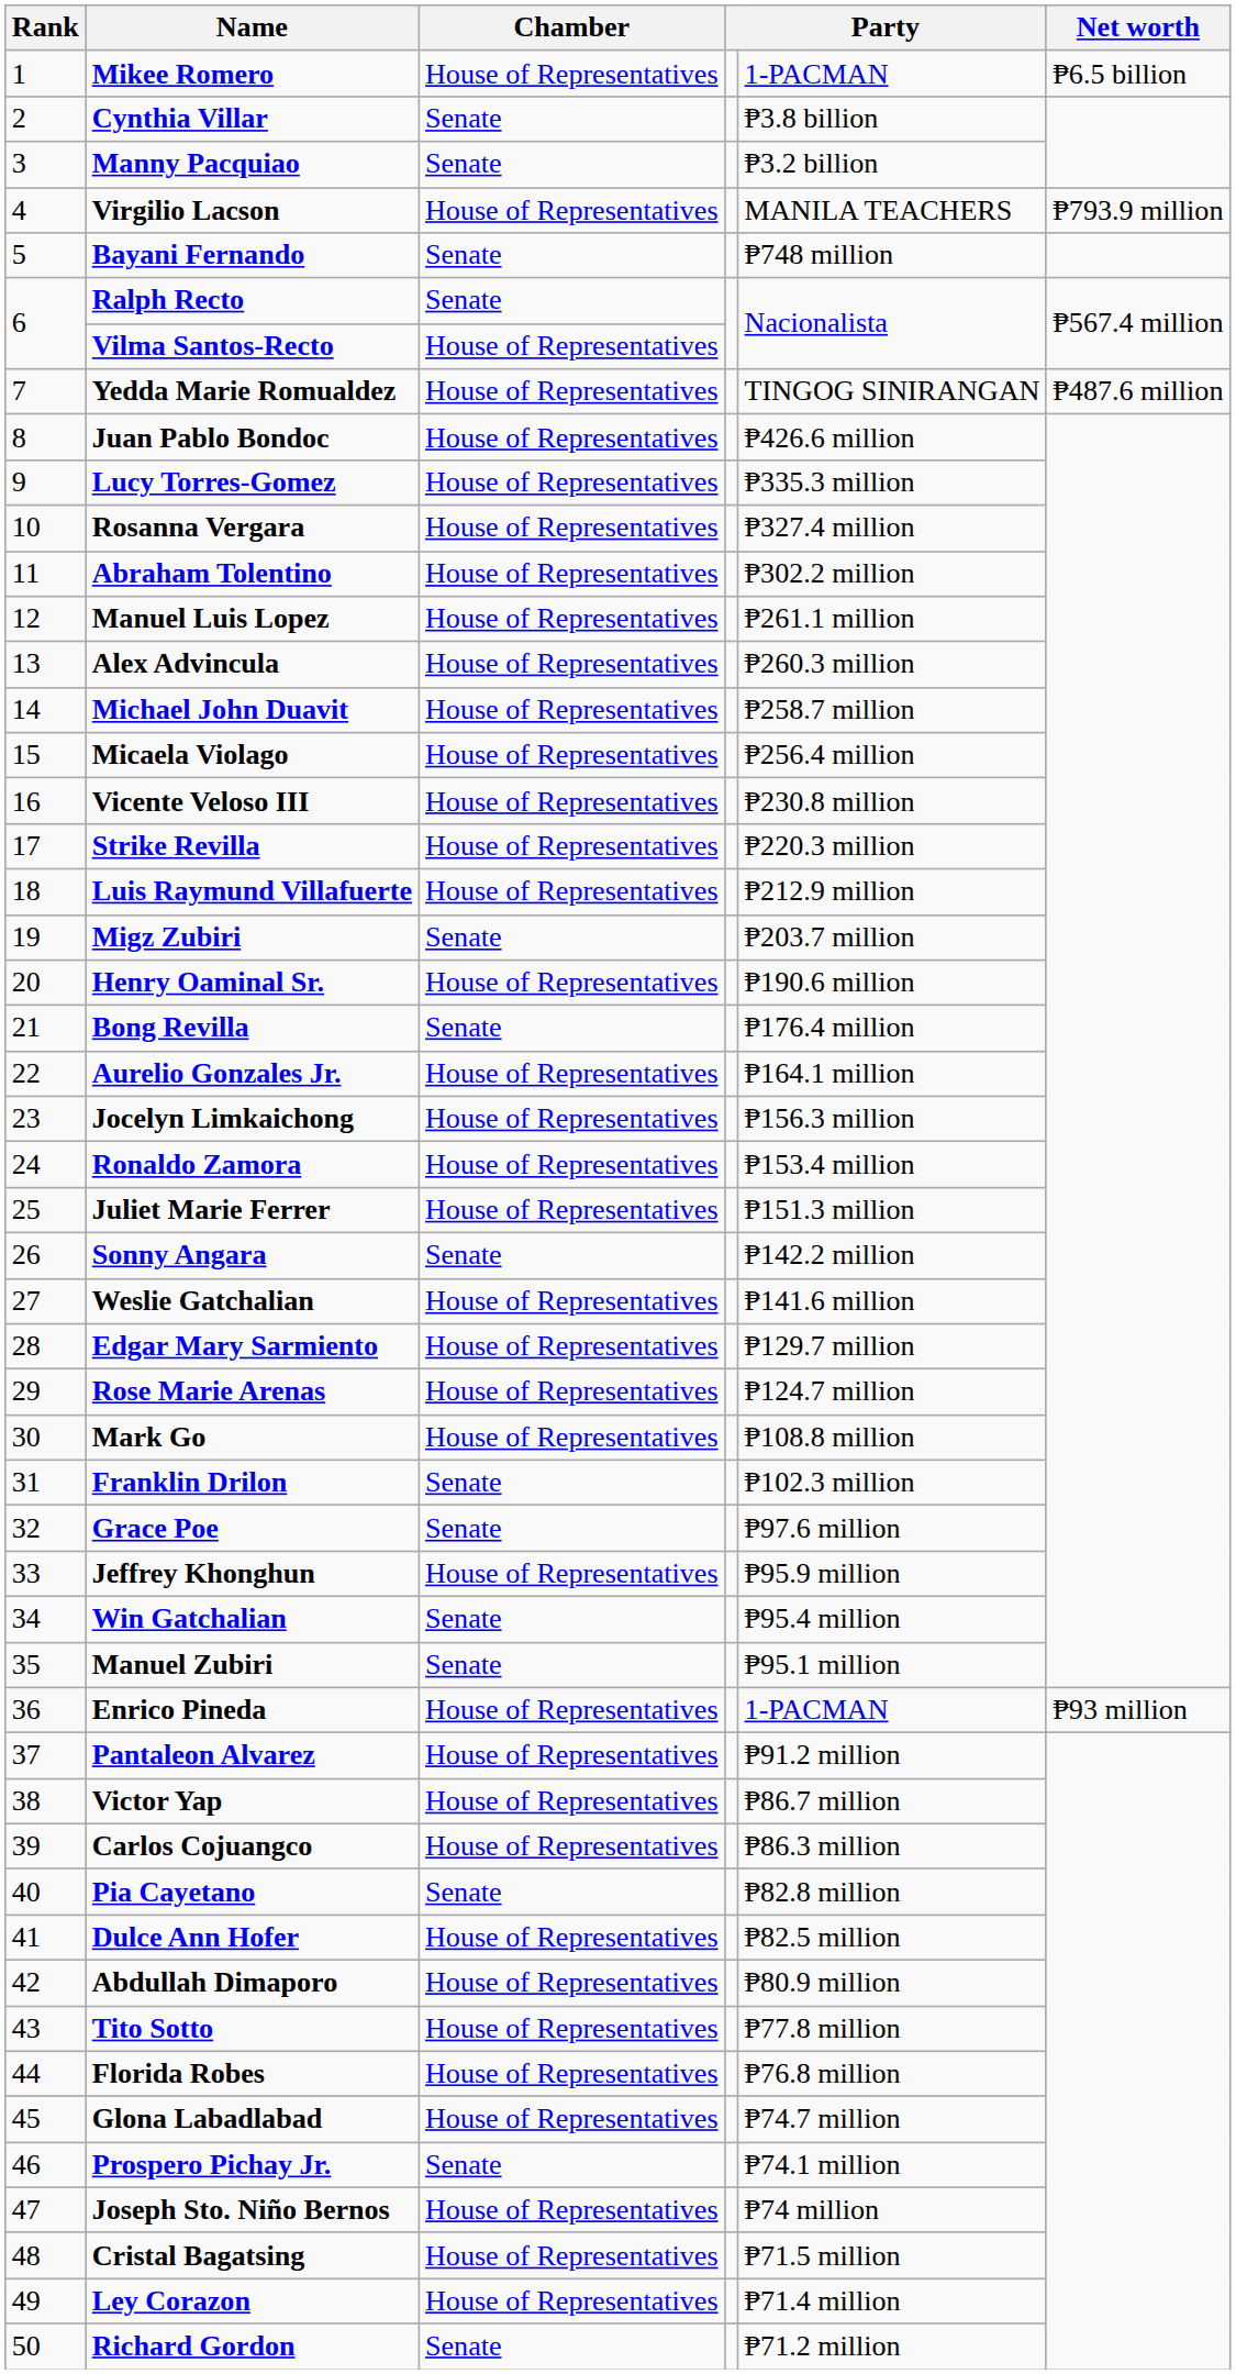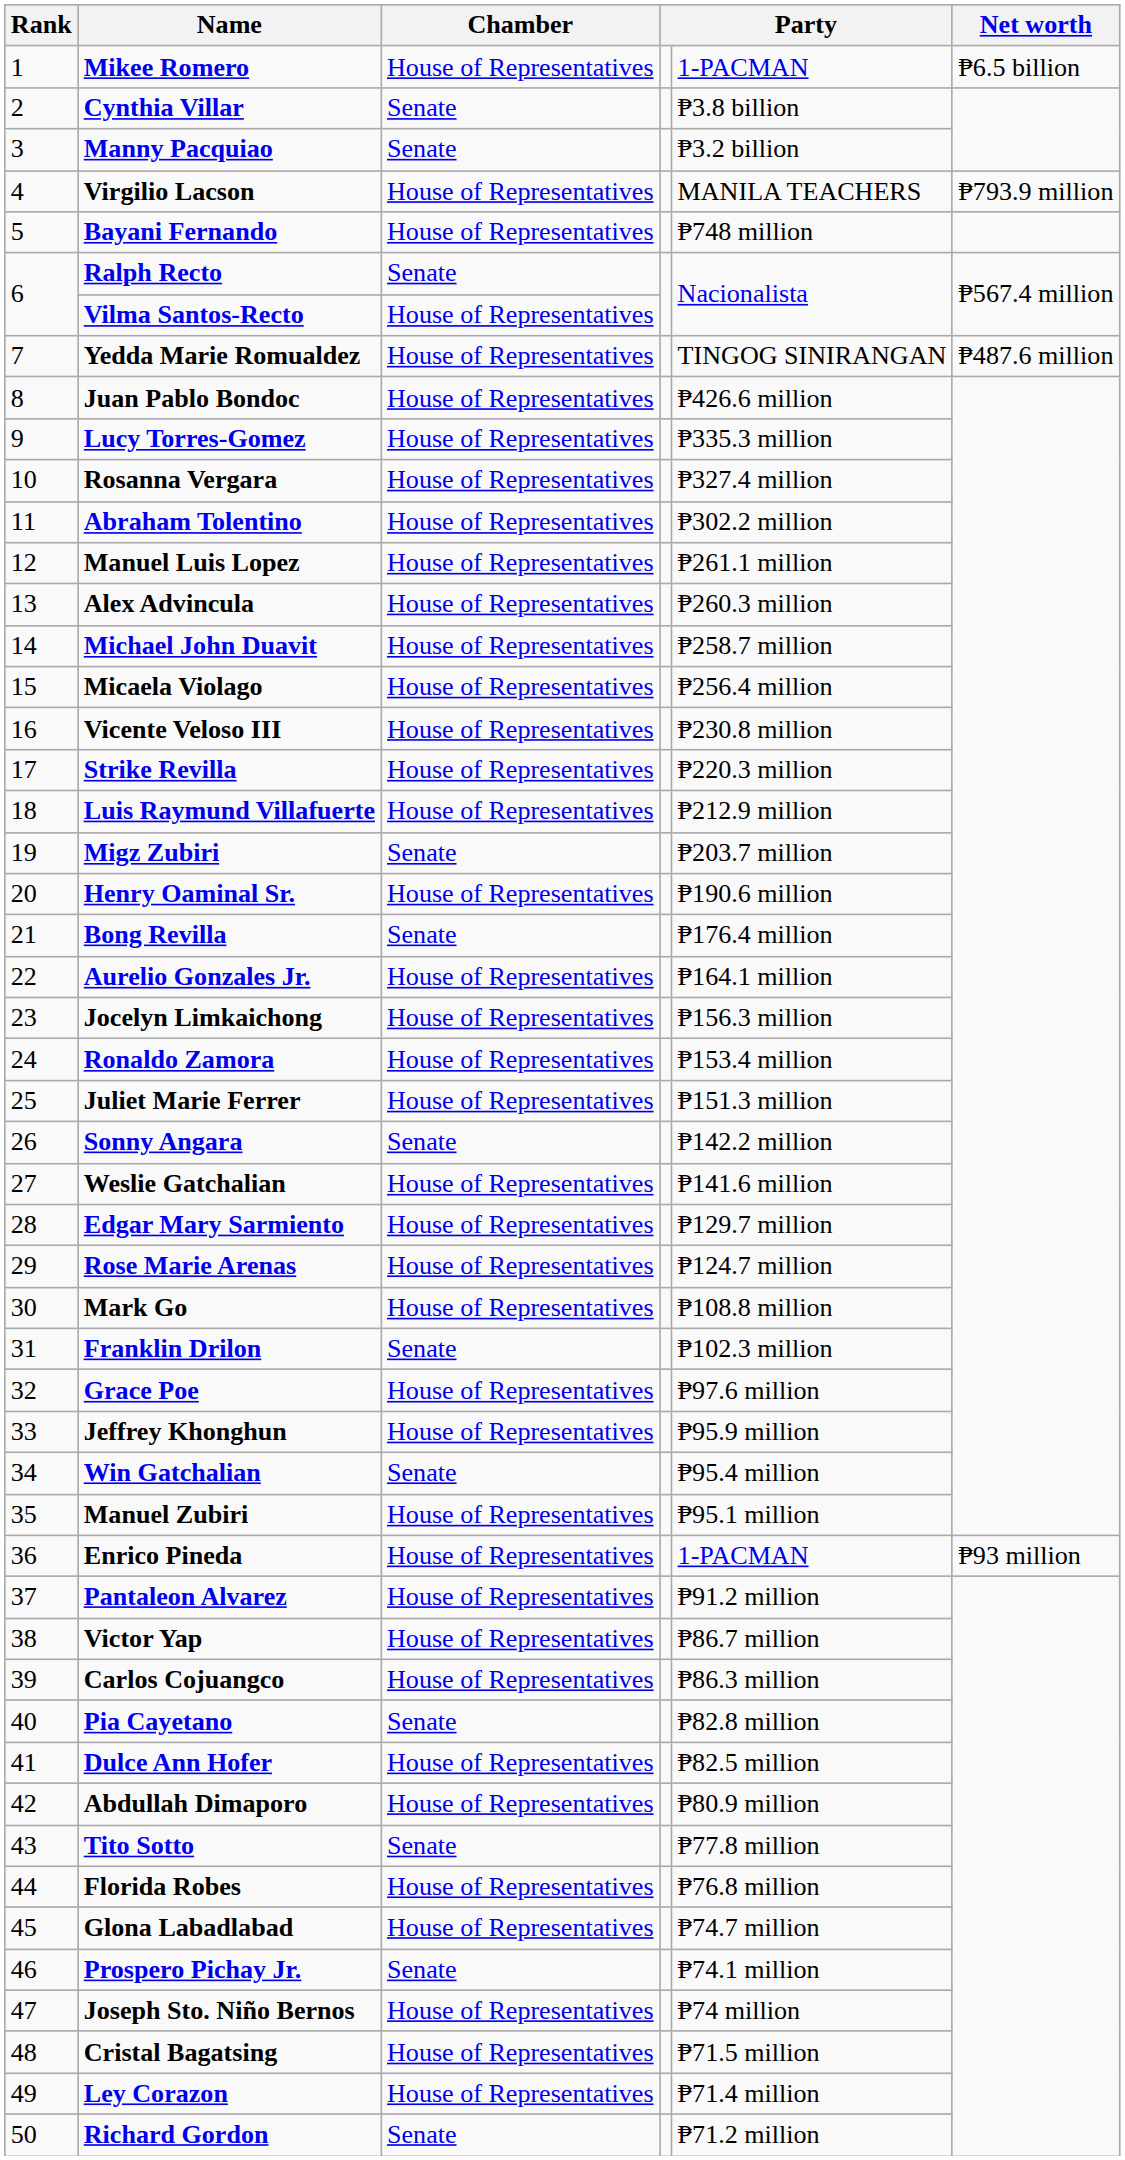 <table class="wikitable sortable">
 <tr>
 <th>Rank</th>
 <th>Name<br></th>
 <th>Chamber</th>
 <th colspan="2">Party</th>
 <th data-sort-type="currency"><a href='#'>Net worth</a></th>
 </tr>
 <tr>
 <td>1</td>
 <td><strong><a href='#'>Mikee Romero</a></strong></td>
 <td><a href='#'>House of Representatives</a></td>
 <td></td>
 <td><a href='#'>1-PACMAN</a></td>
 <td>₱6.5 billion </td>
 </tr>
 <tr>
 <td>2</td>
 <td><strong><a href='#'>Cynthia Villar</a></strong></td>
 <td><a href='#'>Senate</a></td>
 <td></td>
 <td>₱3.8 billion </td>
 </tr>
 <tr>
 <td>3</td>
 <td><strong><a href='#'>Manny Pacquiao</a></strong></td>
 <td><a href='#'>Senate</a></td>
 <td></td>
 <td>₱3.2 billion </td>
 </tr>
 <tr>
 <td>4</td>
 <td><strong>Virgilio Lacson</strong></td>
 <td><a href='#'>House of Representatives</a></td>
 <td></td>
 <td>MANILA TEACHERS</td>
 <td>₱793.9 million </td>
 </tr>
 <tr>
 <td>5</td>
 <td><strong><a href='#'>Bayani Fernando</a></strong><br></td>
-<td><a href='#'>Senate</a></td>
+<td><a href='#'>House of Representatives</a></td>
 <td></td>
 <td>₱748 million </td>
 </tr>
 <tr>
 <td rowspan="2">6</td>
 <td><strong><a href='#'>Ralph Recto</a></strong></td>
 <td><a href='#'>Senate</a></td>
 <td rowspan="2" style="background:"></td>
 <td rowspan="2"><a href='#'>Nacionalista</a></td>
 <td rowspan="2">₱567.4 million </td>
 </tr>
 <tr>
 <td><strong><a href='#'>Vilma Santos-Recto</a></strong><br></td>
 <td><a href='#'>House of Representatives</a></td>
 </tr>
 <tr>
 <td>7</td>
 <td><strong>Yedda Marie Romualdez</strong></td>
 <td><a href='#'>House of Representatives</a></td>
 <td></td>
 <td>TINGOG SINIRANGAN</td>
 <td>₱487.6 million </td>
 </tr>
 <tr>
 <td>8</td>
 <td><strong>Juan Pablo Bondoc</strong><br></td>
 <td><a href='#'>House of Representatives</a></td>
 <td></td>
 <td>₱426.6 million </td>
 </tr>
 <tr>
 <td>9</td>
 <td><strong><a href='#'>Lucy Torres-Gomez</a></strong><br></td>
 <td><a href='#'>House of Representatives</a></td>
 <td></td>
 <td>₱335.3 million </td>
 </tr>
 <tr>
 <td>10</td>
 <td><strong>Rosanna Vergara</strong><br></td>
 <td><a href='#'>House of Representatives</a></td>
 <td></td>
 <td>₱327.4 million </td>
 </tr>
 <tr>
 <td>11</td>
 <td><strong><a href='#'>Abraham Tolentino</a></strong><br></td>
 <td><a href='#'>House of Representatives</a></td>
 <td></td>
 <td>₱302.2 million </td>
 </tr>
 <tr>
 <td>12</td>
 <td><strong>Manuel Luis Lopez</strong><br></td>
 <td><a href='#'>House of Representatives</a></td>
 <td></td>
 <td>₱261.1 million </td>
 </tr>
 <tr>
 <td>13</td>
 <td><strong>Alex Advincula</strong><br></td>
 <td><a href='#'>House of Representatives</a></td>
 <td></td>
 <td>₱260.3 million </td>
 </tr>
 <tr>
 <td>14</td>
 <td><strong><a href='#'>Michael John Duavit</a></strong><br></td>
 <td><a href='#'>House of Representatives</a></td>
 <td></td>
 <td>₱258.7 million </td>
 </tr>
 <tr>
 <td>15</td>
 <td><strong>Micaela Violago</strong><br></td>
 <td><a href='#'>House of Representatives</a></td>
 <td></td>
 <td>₱256.4 million </td>
 </tr>
 <tr>
 <td>16</td>
 <td><strong>Vicente Veloso III</strong><br></td>
 <td><a href='#'>House of Representatives</a></td>
 <td></td>
 <td>₱230.8 million </td>
 </tr>
 <tr>
 <td>17</td>
 <td><strong><a href='#'>Strike Revilla</a></strong><br></td>
 <td><a href='#'>House of Representatives</a></td>
 <td></td>
 <td>₱220.3 million </td>
 </tr>
 <tr>
 <td>18</td>
 <td><strong><a href='#'>Luis Raymund Villafuerte</a></strong><br></td>
 <td><a href='#'>House of Representatives</a></td>
 <td></td>
 <td>₱212.9 million </td>
 </tr>
 <tr>
 <td>19</td>
 <td><strong><a href='#'>Migz Zubiri</a></strong></td>
 <td><a href='#'>Senate</a></td>
 <td></td>
 <td>₱203.7 million </td>
 </tr>
 <tr>
 <td>20</td>
 <td><strong><a href='#'>Henry Oaminal Sr.</a></strong><br></td>
 <td><a href='#'>House of Representatives</a></td>
 <td></td>
 <td>₱190.6 million </td>
 </tr>
 <tr>
 <td>21</td>
 <td><strong><a href='#'>Bong Revilla</a></strong></td>
 <td><a href='#'>Senate</a></td>
 <td></td>
 <td>₱176.4 million </td>
 </tr>
 <tr>
 <td>22</td>
 <td><strong><a href='#'>Aurelio Gonzales Jr.</a></strong><br></td>
 <td><a href='#'>House of Representatives</a></td>
 <td></td>
 <td>₱164.1 million </td>
 </tr>
 <tr>
 <td>23</td>
 <td><strong>Jocelyn Limkaichong</strong><br></td>
 <td><a href='#'>House of Representatives</a></td>
 <td></td>
 <td>₱156.3 million </td>
 </tr>
 <tr>
 <td>24</td>
 <td><strong><a href='#'>Ronaldo Zamora</a></strong><br></td>
 <td><a href='#'>House of Representatives</a></td>
 <td></td>
 <td>₱153.4 million </td>
 </tr>
 <tr>
 <td>25</td>
 <td><strong>Juliet Marie Ferrer</strong><br></td>
 <td><a href='#'>House of Representatives</a></td>
 <td></td>
 <td>₱151.3 million </td>
 </tr>
 <tr>
 <td>26</td>
 <td><strong><a href='#'>Sonny Angara</a></strong></td>
 <td><a href='#'>Senate</a></td>
 <td></td>
 <td>₱142.2 million </td>
 </tr>
 <tr>
 <td>27</td>
 <td><strong>Weslie Gatchalian</strong><br></td>
 <td><a href='#'>House of Representatives</a></td>
 <td></td>
 <td>₱141.6 million </td>
 </tr>
 <tr>
 <td>28</td>
 <td><strong><a href='#'>Edgar Mary Sarmiento</a></strong><br></td>
 <td><a href='#'>House of Representatives</a></td>
 <td></td>
 <td>₱129.7 million </td>
 </tr>
 <tr>
 <td>29</td>
 <td><strong><a href='#'>Rose Marie Arenas</a></strong><br></td>
 <td><a href='#'>House of Representatives</a></td>
 <td></td>
 <td>₱124.7 million </td>
 </tr>
 <tr>
 <td>30</td>
 <td><strong>Mark Go</strong><br></td>
 <td><a href='#'>House of Representatives</a></td>
 <td></td>
 <td>₱108.8 million </td>
 </tr>
 <tr>
 <td>31</td>
 <td><strong><a href='#'>Franklin Drilon</a></strong></td>
 <td><a href='#'>Senate</a></td>
 <td></td>
 <td>₱102.3 million </td>
 </tr>
 <tr>
 <td>32</td>
 <td><strong><a href='#'>Grace Poe</a></strong></td>
-<td><a href='#'>Senate</a></td>
+<td><a href='#'>House of Representatives</a></td>
 <td></td>
 <td>₱97.6 million </td>
 </tr>
 <tr>
 <td>33</td>
 <td><strong>Jeffrey Khonghun</strong><br></td>
 <td><a href='#'>House of Representatives</a></td>
 <td></td>
 <td>₱95.9 million </td>
 </tr>
 <tr>
 <td>34</td>
 <td><strong><a href='#'>Win Gatchalian</a></strong></td>
 <td><a href='#'>Senate</a></td>
 <td></td>
 <td>₱95.4 million </td>
 </tr>
 <tr>
 <td>35</td>
 <td><strong>Manuel Zubiri</strong><br></td>
-<td><a href='#'>Senate</a></td>
+<td><a href='#'>House of Representatives</a></td>
 <td></td>
 <td>₱95.1 million </td>
 </tr>
 <tr>
 <td>36</td>
 <td><strong>Enrico Pineda</strong></td>
 <td><a href='#'>House of Representatives</a></td>
 <td></td>
 <td><a href='#'>1-PACMAN</a></td>
 <td>₱93 million </td>
 </tr>
 <tr>
 <td>37</td>
 <td><strong><a href='#'>Pantaleon Alvarez</a></strong><br></td>
 <td><a href='#'>House of Representatives</a></td>
 <td></td>
 <td>₱91.2 million </td>
 </tr>
 <tr>
 <td>38</td>
 <td><strong>Victor Yap</strong><br></td>
 <td><a href='#'>House of Representatives</a></td>
 <td></td>
 <td>₱86.7 million </td>
 </tr>
 <tr>
 <td>39</td>
 <td><strong>Carlos Cojuangco</strong><br></td>
 <td><a href='#'>House of Representatives</a></td>
 <td></td>
 <td>₱86.3 million </td>
 </tr>
 <tr>
 <td>40</td>
 <td><strong><a href='#'>Pia Cayetano</a></strong></td>
 <td><a href='#'>Senate</a></td>
 <td></td>
 <td>₱82.8 million </td>
 </tr>
 <tr>
 <td>41</td>
 <td><strong><a href='#'>Dulce Ann Hofer</a></strong><br></td>
 <td><a href='#'>House of Representatives</a></td>
 <td></td>
 <td>₱82.5 million </td>
 </tr>
 <tr>
 <td>42</td>
 <td><strong>Abdullah Dimaporo</strong><br></td>
 <td><a href='#'>House of Representatives</a></td>
 <td></td>
 <td>₱80.9 million </td>
 </tr>
 <tr>
 <td>43</td>
 <td><strong><a href='#'>Tito Sotto</a></strong></td>
-<td><a href='#'>House of Representatives</a></td>
+<td><a href='#'>Senate</a></td>
 <td></td>
 <td>₱77.8 million </td>
 </tr>
 <tr>
 <td>44</td>
 <td><strong>Florida Robes</strong><br></td>
 <td><a href='#'>House of Representatives</a></td>
 <td></td>
 <td>₱76.8 million </td>
 </tr>
 <tr>
 <td>45</td>
 <td><strong>Glona Labadlabad</strong><br></td>
 <td><a href='#'>House of Representatives</a></td>
 <td></td>
 <td>₱74.7 million </td>
 </tr>
 <tr>
 <td>46</td>
 <td><strong><a href='#'>Prospero Pichay Jr.</a></strong><br></td>
 <td><a href='#'>Senate</a></td>
 <td></td>
 <td>₱74.1 million </td>
 </tr>
 <tr>
 <td>47</td>
 <td><strong>Joseph Sto. Niño Bernos</strong><br></td>
 <td><a href='#'>House of Representatives</a></td>
 <td></td>
 <td>₱74 million </td>
 </tr>
 <tr>
 <td>48</td>
 <td><strong>Cristal Bagatsing</strong><br></td>
 <td><a href='#'>House of Representatives</a></td>
 <td></td>
 <td>₱71.5 million </td>
 </tr>
 <tr>
 <td>49</td>
 <td><strong><a href='#'>Ley Corazon</a></strong><br></td>
 <td><a href='#'>House of Representatives</a></td>
 <td></td>
 <td>₱71.4 million </td>
 </tr>
 <tr>
 <td>50</td>
 <td><strong><a href='#'>Richard Gordon</a></strong></td>
 <td><a href='#'>Senate</a></td>
 <td></td>
 <td>₱71.2 million </td>
 </tr>
 </table>
